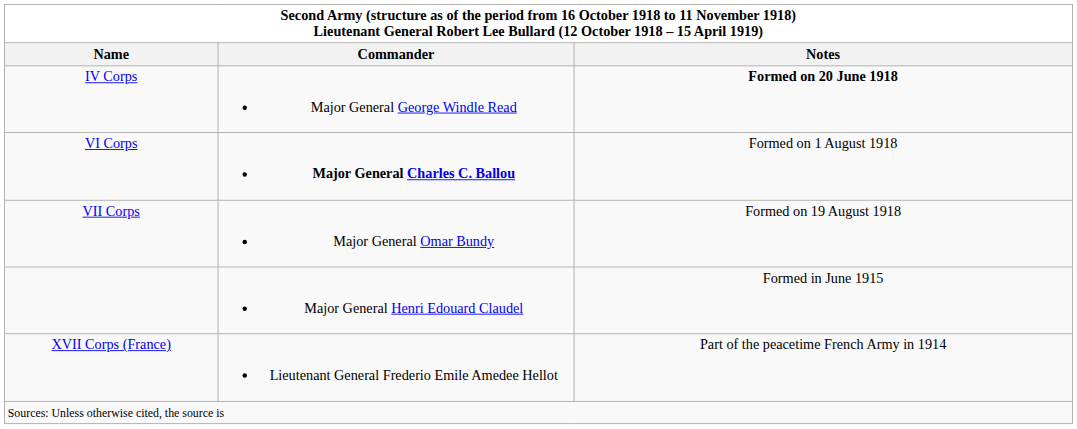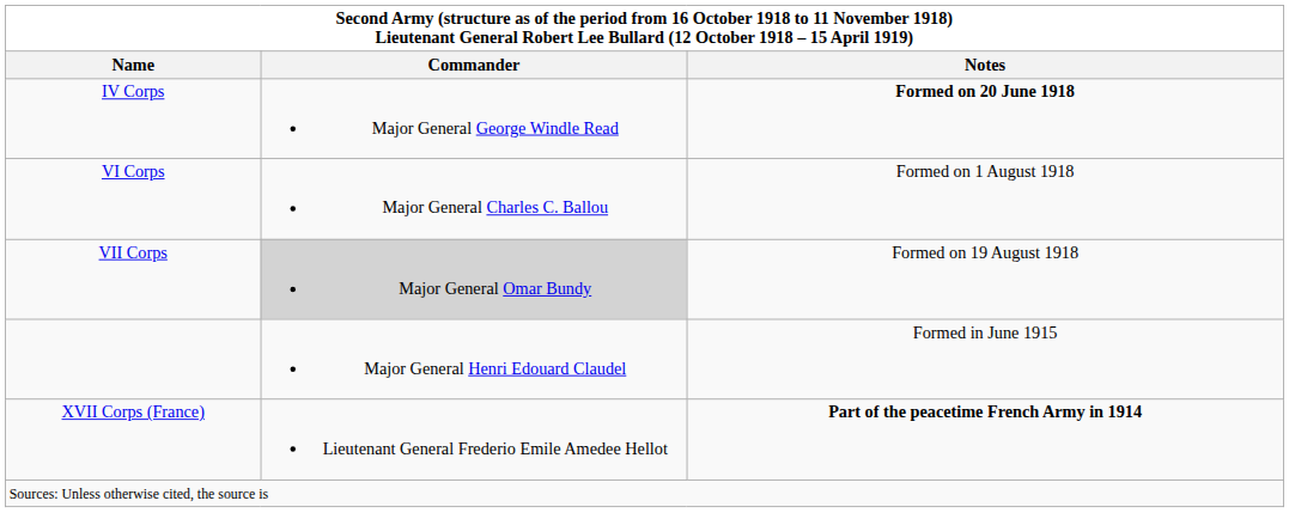 <table class="wikitable" style="width:95%;">
 <tr valign="top">
 <th colspan="11" style="background:white;">Second Army (structure as of the period from 16 October 1918 to 11 November 1918) <br>Lieutenant General Robert Lee Bullard (12 October 1918 – 15 April 1919)</th>
 </tr>
 <tr valign="top"|- valign="top">
 <th style="width:15%; text-align:center;">Name</th>
 <th style="width:25%; text-align:center;">Commander</th>
 <th style="width:35%; text-align:center;">Notes</th>
 </tr>
 <tr valign="top">
 <td align=center><a href='#'>IV Corps</a></td>
 <td align=center><br><ul><li>Major General <a href='#'>George Windle Read</a></li></ul></td>
 <td align=center><strong>Formed on 20 June 1918</strong></td>
 </tr>
 <tr valign="top">
 <td align=center><a href='#'>VI Corps</a></td>
-<td align=center><strong><br><ul><li>Major General <a href='#'>Charles C. Ballou</a></li></ul></strong></td>
+<td align=center><br><ul><li>Major General <a href='#'>Charles C. Ballou</a></li></ul></td>
 <td align=center>Formed on 1 August 1918</td>
 </tr>
 <tr valign="top">
 <td align=center><a href='#'>VII Corps</a></td>
-<td align=center><br><ul><li>Major General <a href='#'>Omar Bundy</a></li></ul></td>
+<td align=center style="background: lightgrey;"><br><ul><li>Major General <a href='#'>Omar Bundy</a></li></ul></td>
 <td align=center>Formed on 19 August 1918</td>
 </tr>
 <tr valign="top">
 <td align=center></td>
 <td align=center><br><ul><li>Major General <a href='#'>Henri Edouard Claudel</a></li></ul></td>
 <td align=center>Formed in June 1915</td>
 </tr>
 <tr valign="top">
 <td align=center><a href='#'>XVII Corps (France)</a></td>
 <td align=center><br><ul><li>Lieutenant General Frederio Emile Amedee Hellot</li></ul></td>
-<td align=center>Part of the peacetime French Army in 1914</td>
+<td align=center><strong>Part of the peacetime French Army in 1914</strong></td>
 </tr>
 <tr valign="top">
 <td colspan="9" style="text-align:left;"><small>Sources: Unless otherwise cited, the source is </small></td>
 </tr>
 </table>
